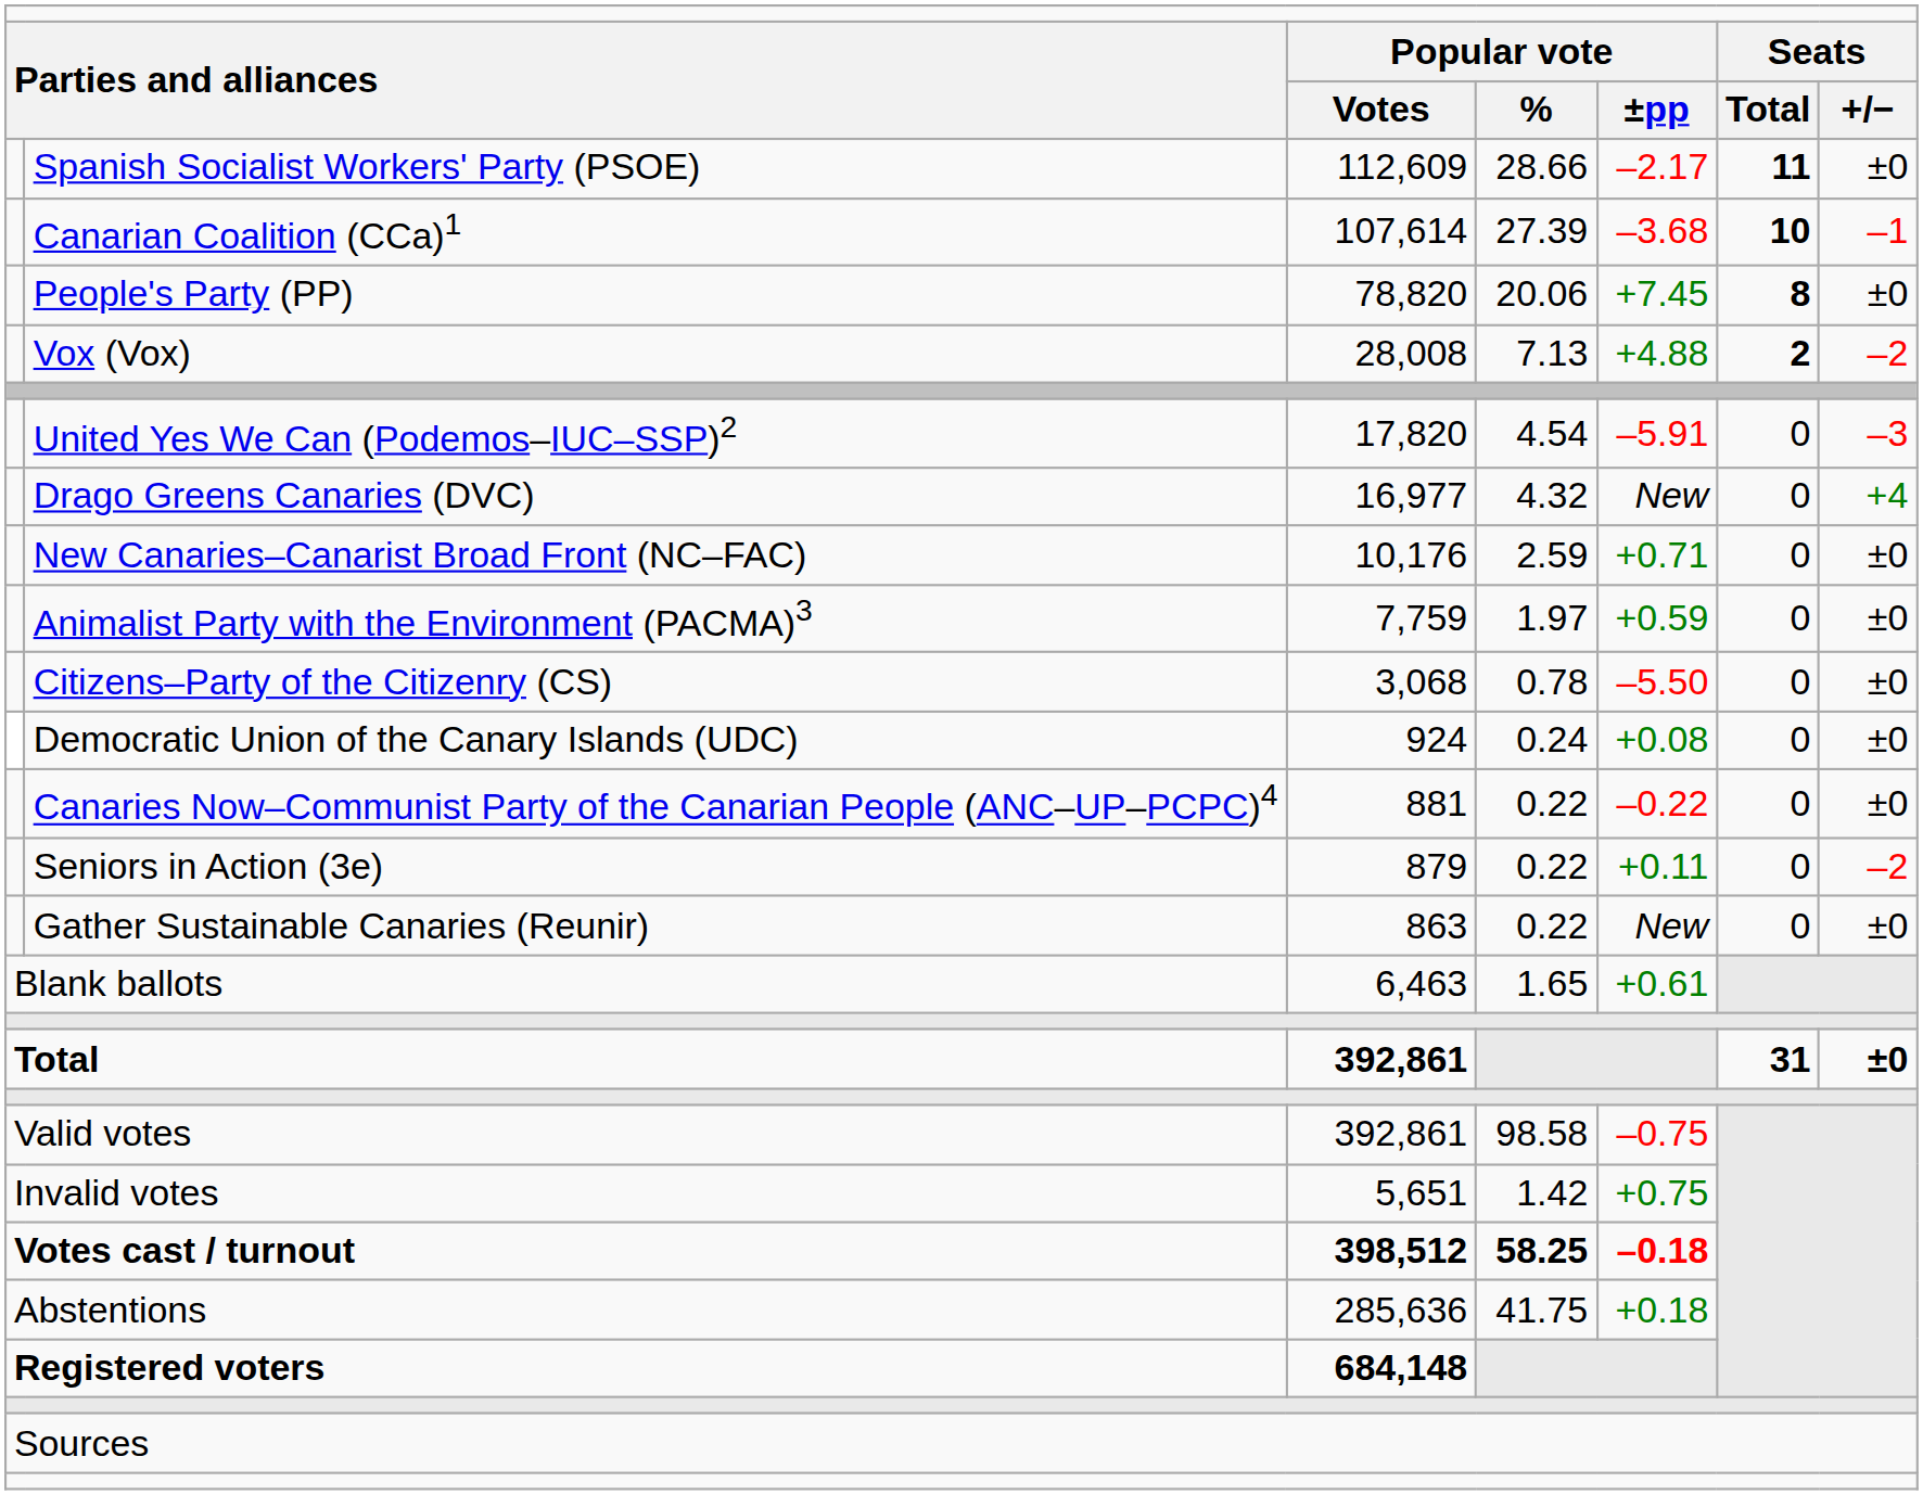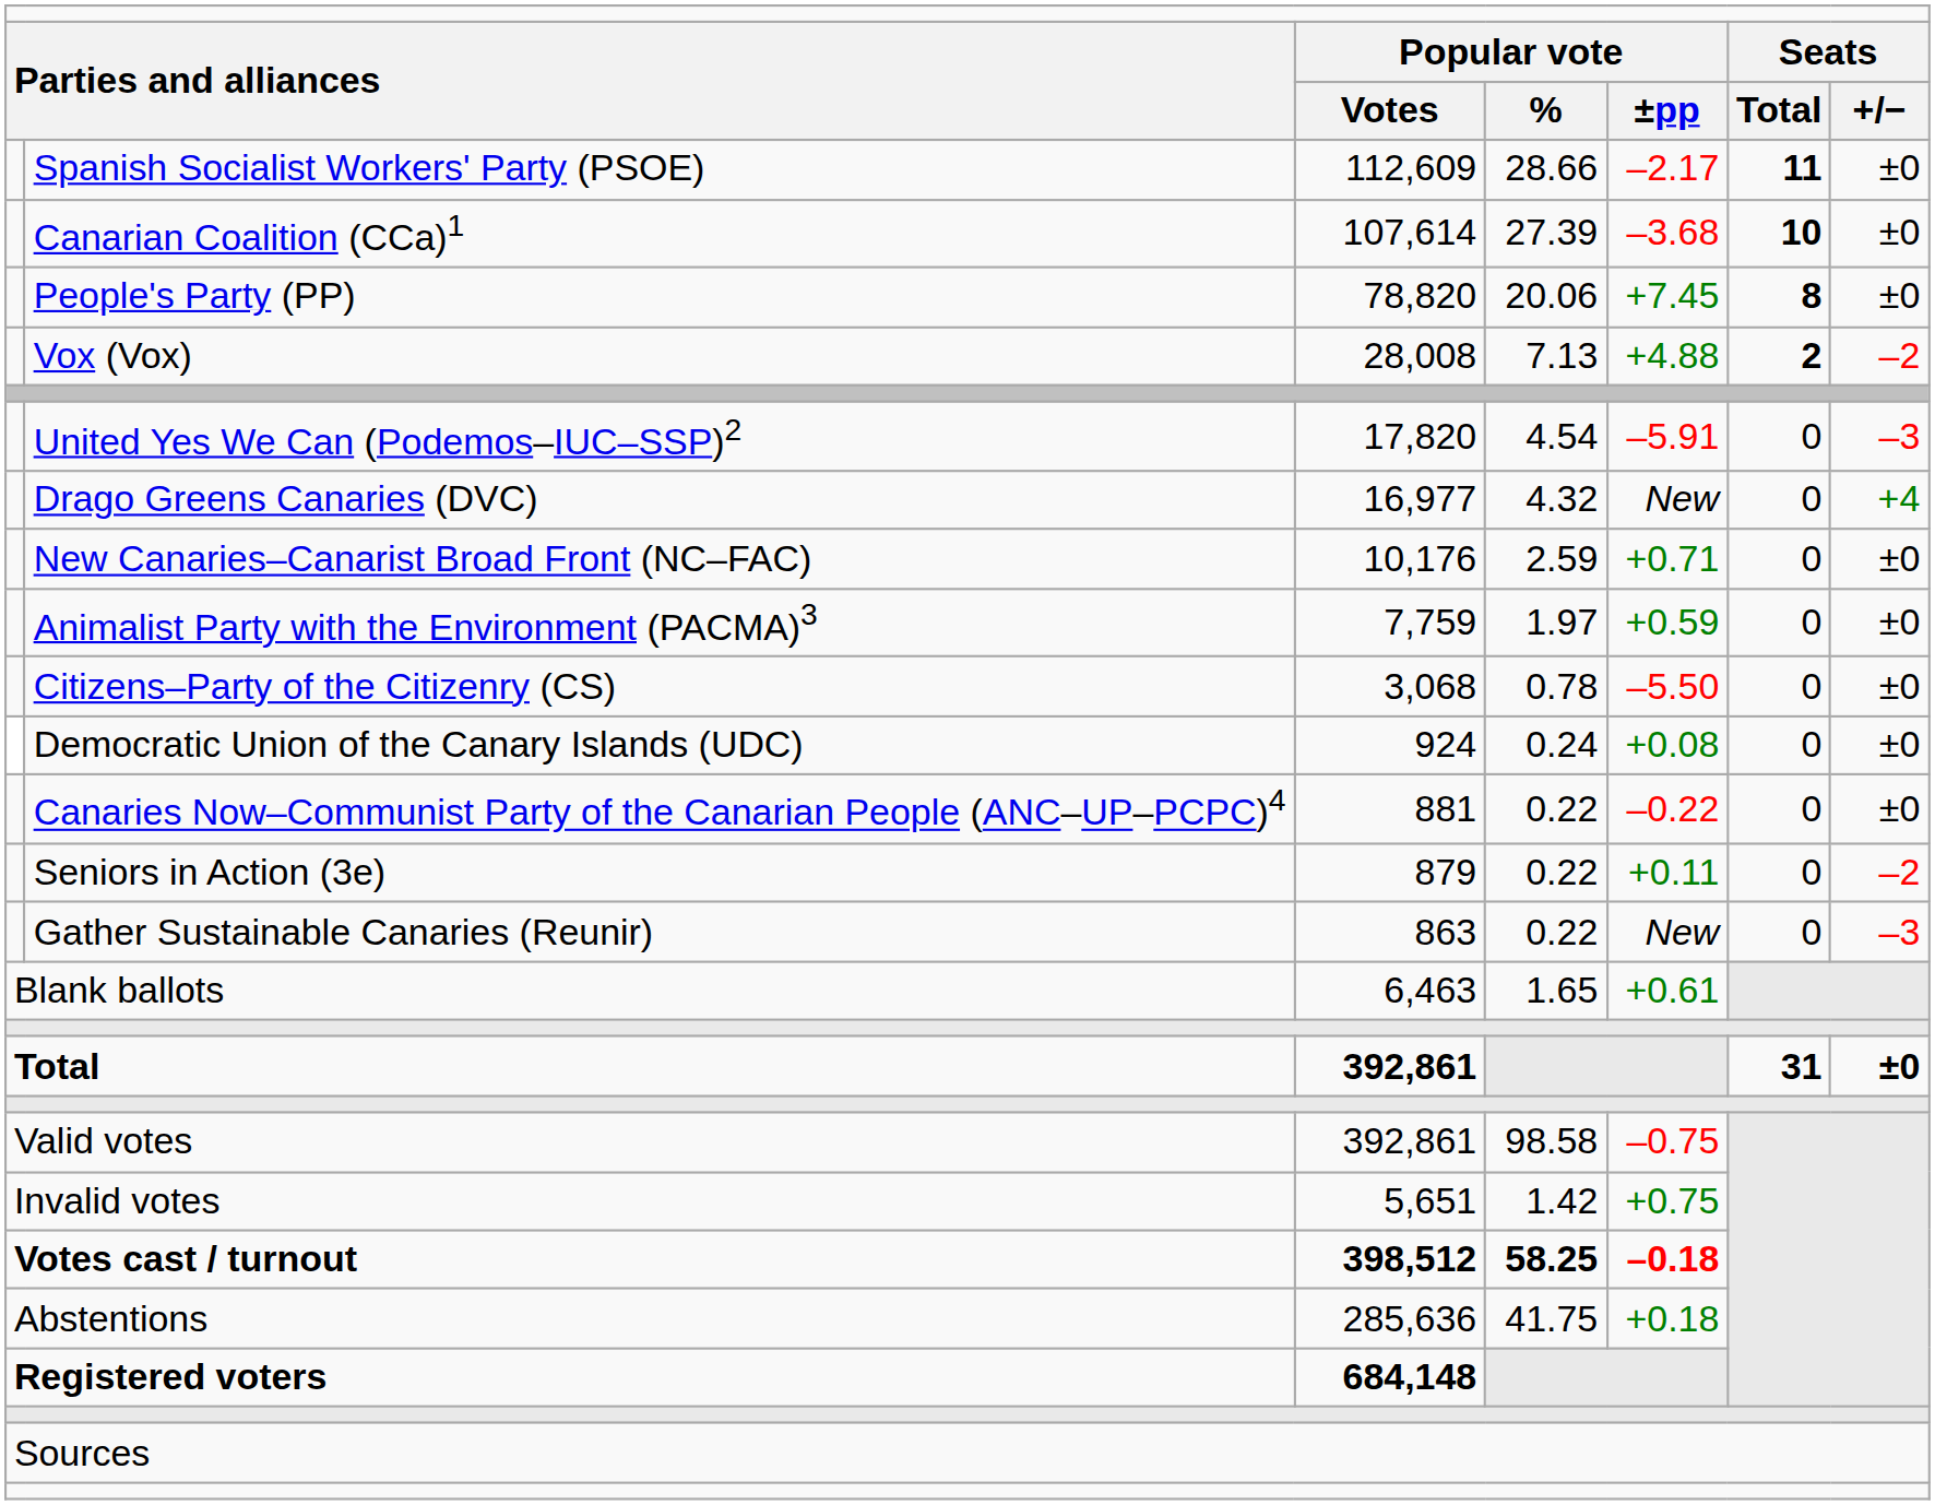 <table class="wikitable" style="text-align:right;">
 <tr>
 <td colspan="7"></td>
 </tr>
 <tr>
 <th style="text-align:left;" rowspan="2" colspan="2" width="525">Parties and alliances</th>
 <th colspan="3">Popular vote</th>
 <th colspan="2">Seats</th>
 </tr>
 <tr>
 <th width="75">Votes</th>
 <th width="45">%</th>
 <th width="45">±<a href='#'>pp</a></th>
 <th width="35">Total</th>
 <th width="35">+/−</th>
 </tr>
 <tr>
 <td width="1" style="color:inherit;background:"></td>
 <td align="left"><a href='#'>Spanish Socialist Workers' Party</a> (PSOE)</td>
 <td>112,609</td>
 <td>28.66</td>
 <td style="color:red;">–2.17</td>
 <td><strong>11</strong></td>
 <td>±0</td>
 </tr>
 <tr>
 <td style="color:inherit;background:"></td>
 <td align="left"><a href='#'>Canarian Coalition</a> (CCa)<sup>1</sup></td>
 <td>107,614</td>
 <td>27.39</td>
 <td style="color:red;">–3.68</td>
 <td><strong>10</strong></td>
-<td style="color:red;">–1</td>
+<td>±0</td>
 </tr>
 <tr>
 <td style="color:inherit;background:"></td>
 <td align="left"><a href='#'>People's Party</a> (PP)</td>
 <td>78,820</td>
 <td>20.06</td>
 <td style="color:green;">+7.45</td>
 <td><strong>8</strong></td>
 <td>±0</td>
 </tr>
 <tr>
 <td style="color:inherit;background:"></td>
 <td align="left"><a href='#'>Vox</a> (Vox)</td>
 <td>28,008</td>
 <td>7.13</td>
 <td style="color:green;">+4.88</td>
 <td><strong>2</strong></td>
 <td style="color:red;">–2</td>
 </tr>
 <tr>
 <td colspan="7" bgcolor="#C0C0C0"></td>
 </tr>
 <tr>
 <td style="color:inherit;background:"></td>
 <td align="left"><a href='#'>United Yes We Can</a> (<a href='#'>Podemos</a>–<a href='#'>IUC–SSP</a>)<sup>2</sup></td>
 <td>17,820</td>
 <td>4.54</td>
 <td style="color:red;">–5.91</td>
 <td>0</td>
 <td style="color:red;">–3</td>
 </tr>
 <tr>
 <td style="color:inherit;background:"></td>
 <td align="left"><a href='#'>Drago Greens Canaries</a> (DVC)</td>
 <td>16,977</td>
 <td>4.32</td>
 <td><em>New</em></td>
 <td>0</td>
 <td style="color:green;">+4</td>
 </tr>
 <tr>
 <td style="color:inherit;background:"></td>
 <td align="left"><a href='#'>New Canaries–Canarist Broad Front</a> (NC–FAC)</td>
 <td>10,176</td>
 <td>2.59</td>
 <td style="color:green;">+0.71</td>
 <td>0</td>
 <td>±0</td>
 </tr>
 <tr>
 <td style="color:inherit;background:"></td>
 <td align="left"><a href='#'>Animalist Party with the Environment</a> (PACMA)<sup>3</sup></td>
 <td>7,759</td>
 <td>1.97</td>
 <td style="color:green;">+0.59</td>
 <td>0</td>
 <td>±0</td>
 </tr>
 <tr>
 <td style="color:inherit;background:"></td>
 <td align="left"><a href='#'>Citizens–Party of the Citizenry</a> (CS)</td>
 <td>3,068</td>
 <td>0.78</td>
 <td style="color:red;">–5.50</td>
 <td>0</td>
 <td>±0</td>
 </tr>
 <tr>
 <td bgcolor="white"></td>
 <td align="left">Democratic Union of the Canary Islands (UDC)</td>
 <td>924</td>
 <td>0.24</td>
 <td style="color:green;">+0.08</td>
 <td>0</td>
 <td>±0</td>
 </tr>
 <tr>
 <td style="color:inherit;background:"></td>
 <td align="left"><a href='#'>Canaries Now–Communist Party of the Canarian People</a> (<a href='#'>ANC</a>–<a href='#'>UP</a>–<a href='#'>PCPC</a>)<sup>4</sup></td>
 <td>881</td>
 <td>0.22</td>
 <td style="color:red;">–0.22</td>
 <td>0</td>
 <td>±0</td>
 </tr>
 <tr>
 <td style="color:inherit;background:"></td>
 <td align="left">Seniors in Action (3e)</td>
 <td>879</td>
 <td>0.22</td>
 <td style="color:green;">+0.11</td>
 <td>0</td>
 <td style="color:red;">–2</td>
 </tr>
 <tr>
 <td style="color:inherit;background:"></td>
 <td align="left">Gather Sustainable Canaries (Reunir)</td>
 <td>863</td>
 <td>0.22</td>
 <td><em>New</em></td>
 <td>0</td>
-<td>±0</td>
+<td style="color:red;">–3</td>
 </tr>
 <tr>
 <td align="left" colspan="2">Blank ballots</td>
 <td>6,463</td>
 <td>1.65</td>
 <td style="color:green;">+0.61</td>
 <td bgcolor="#E9E9E9" colspan="2"></td>
 </tr>
 <tr>
 <td colspan="7" bgcolor="#E9E9E9"></td>
 </tr>
 <tr style="font-weight:bold;">
 <td align="left" colspan="2">Total</td>
 <td>392,861</td>
 <td bgcolor="#E9E9E9" colspan="2"></td>
 <td>31</td>
 <td>±0</td>
 </tr>
 <tr>
 <td colspan="7" bgcolor="#E9E9E9"></td>
 </tr>
 <tr>
 <td align="left" colspan="2">Valid votes</td>
 <td>392,861</td>
 <td>98.58</td>
 <td style="color:red;">–0.75</td>
 <td bgcolor="#E9E9E9" colspan="2" rowspan="5"></td>
 </tr>
 <tr>
 <td align="left" colspan="2">Invalid votes</td>
 <td>5,651</td>
 <td>1.42</td>
 <td style="color:green;">+0.75</td>
 </tr>
 <tr style="font-weight:bold;">
 <td align="left" colspan="2">Votes cast / turnout</td>
 <td>398,512</td>
 <td>58.25</td>
 <td style="color:red;">–0.18</td>
 </tr>
 <tr>
 <td align="left" colspan="2">Abstentions</td>
 <td>285,636</td>
 <td>41.75</td>
 <td style="color:green;">+0.18</td>
 </tr>
 <tr style="font-weight:bold;">
 <td align="left" colspan="2">Registered voters</td>
 <td>684,148</td>
 <td bgcolor="#E9E9E9" colspan="2"></td>
 </tr>
 <tr>
 <td colspan="7" bgcolor="#E9E9E9"></td>
 </tr>
 <tr>
 <td align="left" colspan="7">Sources</td>
 </tr>
 <tr>
 <td colspan="7" style="text-align:left; max-width:790px;"></td>
 </tr>
 </table>
